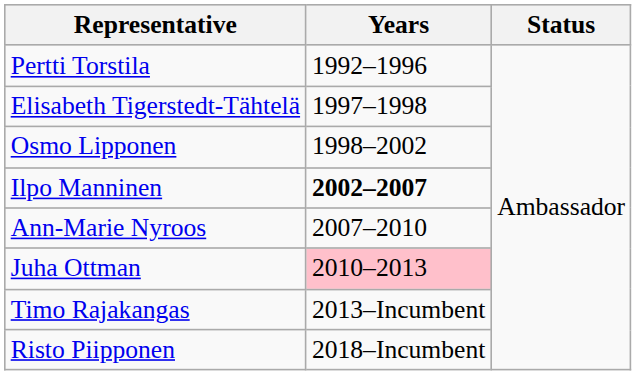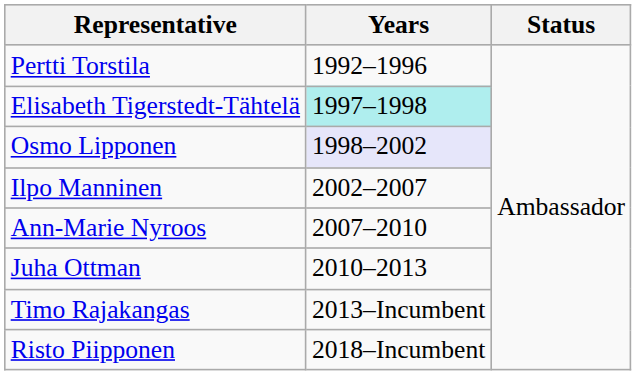 <table class="wikitable sortable">
 <tr>
 <th>Representative</th>
 <th>Years</th>
 <th>Status</th>
 </tr>
 <tr>
 <td><a href='#'>Pertti Torstila</a></td>
 <td>1992–1996</td>
 <td rowspan="8">Ambassador</td>
 </tr>
 <tr>
 <td><a href='#'>Elisabeth Tigerstedt-Tähtelä</a></td>
-<td>1997–1998</td>
+<td style="background: paleturquoise;">1997–1998</td>
 </tr>
 <tr>
 <td><a href='#'>Osmo Lipponen</a></td>
-<td>1998–2002</td>
+<td style="background: lavender;">1998–2002</td>
 </tr>
 <tr>
 <td><a href='#'>Ilpo Manninen</a></td>
-<td><strong>2002–2007</strong></td>
+<td>2002–2007</td>
 </tr>
 <tr>
 <td><a href='#'>Ann-Marie Nyroos</a></td>
 <td>2007–2010</td>
 </tr>
 <tr>
 <td><a href='#'>Juha Ottman</a></td>
-<td style="background: pink;">2010–2013</td>
+<td>2010–2013</td>
 </tr>
 <tr>
 <td><a href='#'>Timo Rajakangas</a></td>
 <td>2013–Incumbent</td>
 </tr>
 <tr>
 <td><a href='#'>Risto Piipponen</a></td>
 <td>2018–Incumbent</td>
 </tr>
 </table>
